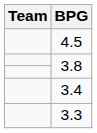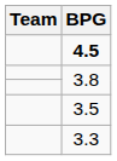 <table class=wikitable>
 <tr>
 <th>Team</th>
 <th>BPG</th>
 </tr>
 <tr>
 <td></td>
-<td align=center>4.5</td>
+<td align=center><strong>4.5</strong></td>
 </tr>
 <tr>
 <td></td>
 <td align=center rowspan=2>3.8</td>
 </tr>
 <tr>
 <td></td>
 </tr>
 <tr>
 <td></td>
-<td align=center>3.4</td>
+<td align=center>3.5</td>
 </tr>
 <tr>
 <td></td>
 <td align=center>3.3</td>
 </tr>
 </table>
